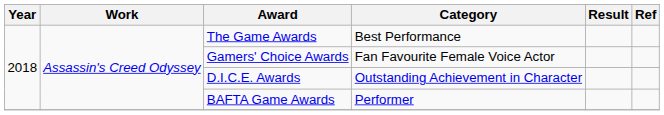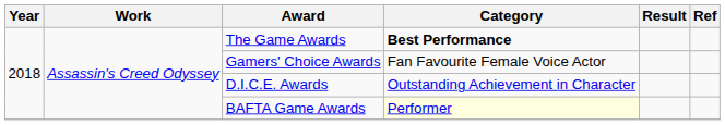 <table class="wikitable">
 <tr>
 <th>Year</th>
 <th>Work</th>
 <th>Award</th>
 <th>Category</th>
 <th>Result</th>
 <th>Ref</th>
 </tr>
 <tr>
 <td rowspan="4">2018</td>
 <td rowspan="4"><em><a href='#'>Assassin's Creed Odyssey</a></em></td>
 <td><a href='#'>The Game Awards</a></td>
-<td>Best Performance</td>
+<td><strong>Best Performance</strong></td>
 <td></td>
 <td></td>
 </tr>
 <tr>
 <td><a href='#'>Gamers' Choice Awards</a></td>
 <td>Fan Favourite Female Voice Actor</td>
 <td></td>
 <td></td>
 </tr>
 <tr>
 <td><a href='#'>D.I.C.E. Awards</a></td>
 <td><a href='#'>Outstanding Achievement in Character</a></td>
 <td></td>
 <td></td>
 </tr>
 <tr>
 <td><a href='#'>BAFTA Game Awards</a></td>
-<td><a href='#'>Performer</a></td>
+<td style="background: lightyellow;"><a href='#'>Performer</a></td>
 <td></td>
 <td></td>
 </tr>
 <tr>
 </tr>
 </table>
